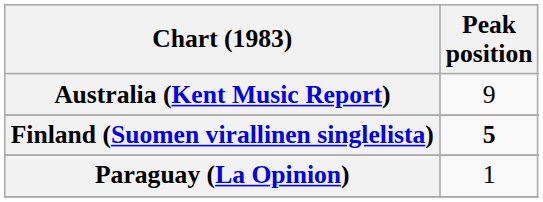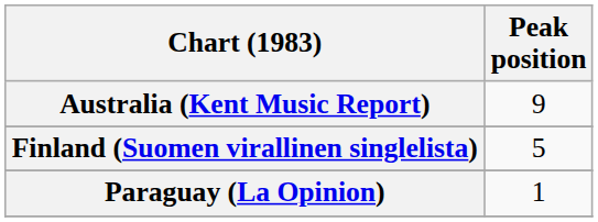 <table class="wikitable sortable plainrowheaders" style="text-align:center">
 <tr>
 <th scope="col">Chart (1983)</th>
 <th scope="col">Peak<br>position</th>
 </tr>
 <tr>
 <th scope="row">Australia (<a href='#'>Kent Music Report</a>)</th>
 <td>9</td>
 </tr>
 <tr>
 </tr>
 <tr>
 <th scope="row">Finland (<a href='#'>Suomen virallinen singlelista</a>)</th>
-<td><strong>5</strong></td>
+<td>5</td>
 </tr>
 <tr>
 </tr>
 <tr>
 </tr>
 <tr>
 </tr>
 <tr>
 </tr>
 <tr>
 <th scope="row">Paraguay (<a href='#'>La Opinion</a>)</th>
 <td>1</td>
 </tr>
 <tr>
 </tr>
 <tr>
 </tr>
 <tr>
 </tr>
 <tr>
 </tr>
 </table>
